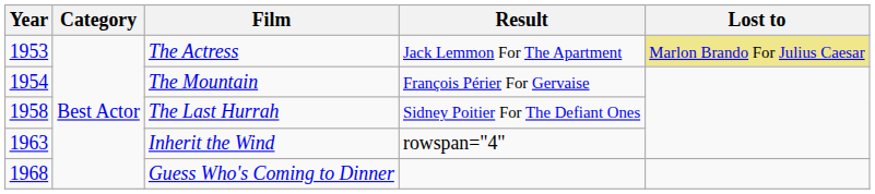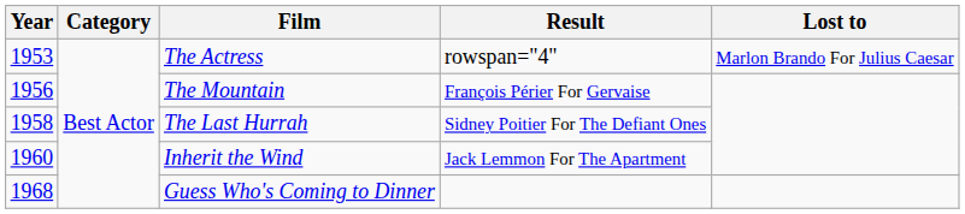 <table class="wikitable plainrowheaders sortable">
 <tr>
 <th>Year</th>
 <th>Category</th>
 <th>Film</th>
 <th>Result</th>
 <th>Lost to</th>
 </tr>
 <tr>
 <td><a href='#'>1953</a></td>
 <td rowspan="5"><a href='#'>Best Actor</a></td>
 <td><em><a href='#'>The Actress</a></em></td>
-<td><small><a href='#'>Jack Lemmon</a> For <a href='#'>The Apartment</a> </small></td>
-<td style="background: khaki;"><small><a href='#'>Marlon Brando</a> For <a href='#'>Julius Caesar</a> </small></td>
+<td>rowspan="4"</td>
+<td><small><a href='#'>Marlon Brando</a> For <a href='#'>Julius Caesar</a> </small></td>
 </tr>
 <tr>
-<td><a href='#'>1954</a></td>
+<td><a href='#'>1956</a></td>
 <td><em><a href='#'>The Mountain</a></em></td>
 <td><small><a href='#'>François Périer</a> For <a href='#'>Gervaise</a> </small></td>
 </tr>
 <tr>
 <td><a href='#'>1958</a></td>
 <td><em><a href='#'>The Last Hurrah</a></em></td>
 <td><small><a href='#'>Sidney Poitier</a> For <a href='#'>The Defiant Ones</a> </small></td>
 </tr>
 <tr>
-<td><a href='#'>1963</a></td>
+<td><a href='#'>1960</a></td>
 <td><em><a href='#'>Inherit the Wind</a></em></td>
-<td>rowspan="4"</td>
+<td><small><a href='#'>Jack Lemmon</a> For <a href='#'>The Apartment</a> </small></td>
 </tr>
 <tr>
 <td><a href='#'>1968</a></td>
 <td><em><a href='#'>Guess Who's Coming to Dinner</a></em></td>
 <td></td>
 <td><small></small></td>
 </tr>
 </table>
